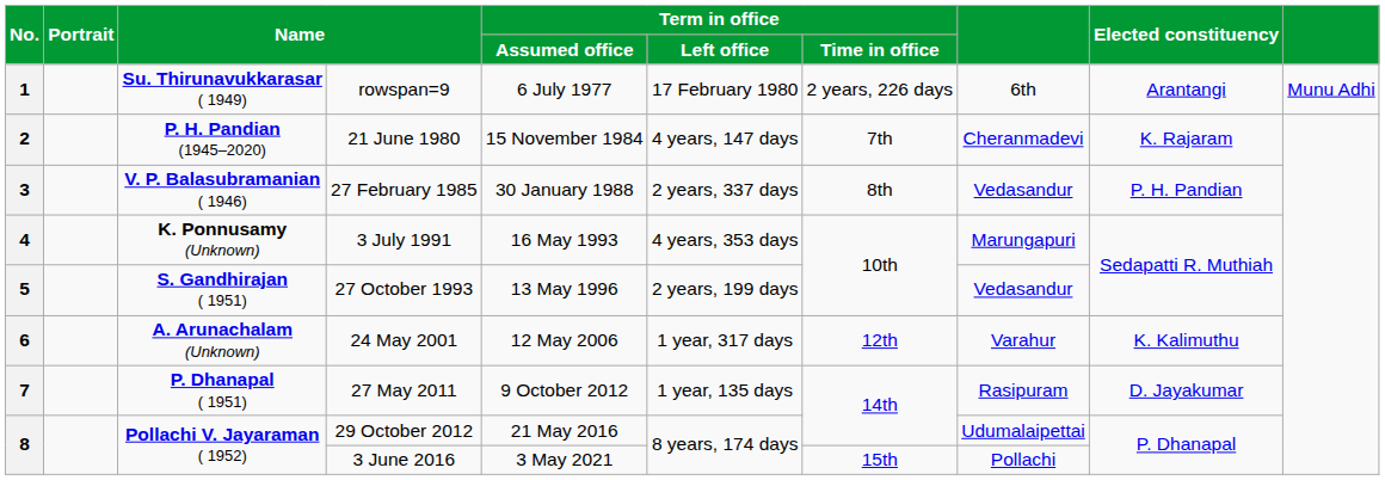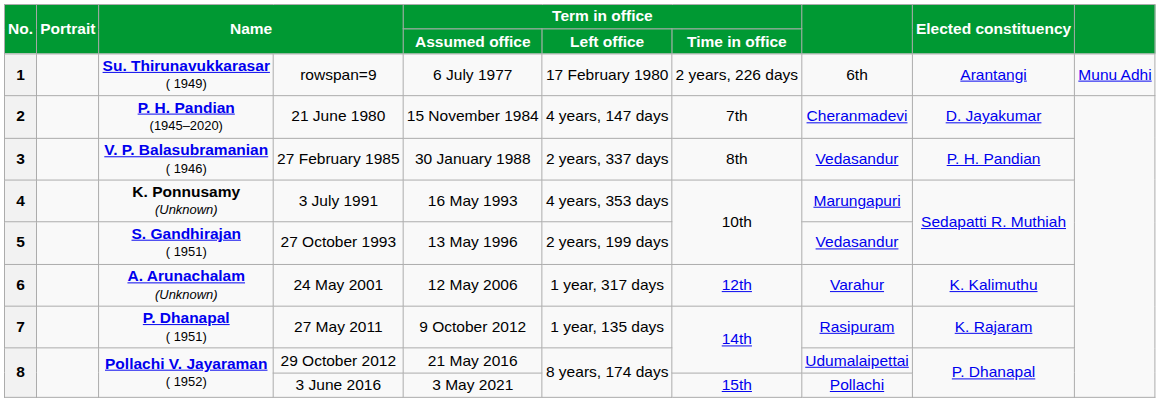 <table class="wikitable sortable" style="text-align:center;">
 <tr>
 <th rowspan=2 style="background-color:#009933;color:white">No.</th>
 <th rowspan=2 style="background-color:#009933;color:white">Portrait</th>
 <th colspan=2 rowspan=2 style="background-color:#009933;color:white">Name<br></th>
 <th colspan=3 style="background-color:#009933;color:white">Term in office</th>
 <th rowspan=2 style="background-color:#009933;color:white"><a href='#'></a><br></th>
 <th rowspan=2 style="background-color:#009933;color:white">Elected constituency</th>
 <th rowspan=2 style="background-color:#009933;color:white"><a href='#'></a></th>
 </tr>
 <tr>
 <th style="background-color:#009933;color:white">Assumed office</th>
 <th style="background-color:#009933;color:white">Left office</th>
 <th style="background-color:#009933;color:white">Time in office</th>
 </tr>
 <tr>
 <th>1</th>
 <td></td>
 <td><strong><a href='#'>Su. Thirunavukkarasar</a></strong><br><small>( 1949)</small></td>
 <td>rowspan=9 </td>
 <td>6 July 1977</td>
 <td>17 February 1980</td>
 <td>2 years, 226 days</td>
 <td>6th<br></td>
 <td><a href='#'>Arantangi</a></td>
 <td><a href='#'>Munu Adhi</a></td>
 </tr>
 <tr>
 <th>2</th>
 <td></td>
 <td><strong><a href='#'>P. H. Pandian</a></strong><br><small>(1945–2020)</small></td>
 <td>21 June 1980</td>
 <td>15 November 1984</td>
 <td>4 years, 147 days</td>
 <td>7th<br></td>
 <td><a href='#'>Cheranmadevi</a></td>
-<td><a href='#'>K. Rajaram</a></td>
+<td><a href='#'>D. Jayakumar</a></td>
 </tr>
 <tr>
 <th>3</th>
 <td></td>
 <td><strong><a href='#'>V. P. Balasubramanian</a></strong><br><small>( 1946)</small></td>
 <td>27 February 1985</td>
 <td>30 January 1988</td>
 <td>2 years, 337 days</td>
 <td>8th<br></td>
 <td><a href='#'>Vedasandur</a></td>
 <td><a href='#'>P. H. Pandian</a></td>
 </tr>
 <tr>
 <th>4</th>
 <td></td>
 <td><strong>K. Ponnusamy</strong><br><small><em>(Unknown)</em></small></td>
 <td>3 July 1991</td>
 <td>16 May 1993</td>
 <td>4 years, 353 days</td>
 <td rowspan=2>10th<br></td>
 <td><a href='#'>Marungapuri</a></td>
 <td rowspan=2><a href='#'>Sedapatti R. Muthiah</a></td>
 </tr>
 <tr>
 <th>5</th>
 <td></td>
 <td><strong><a href='#'>S. Gandhirajan</a></strong><br><small>( 1951)</small></td>
 <td>27 October 1993</td>
 <td>13 May 1996</td>
 <td>2 years, 199 days</td>
 <td><a href='#'>Vedasandur</a></td>
 </tr>
 <tr>
 <th>6</th>
 <td></td>
 <td><strong><a href='#'>A. Arunachalam</a></strong><br><small><em>(Unknown)</em></small></td>
 <td>24 May 2001</td>
 <td>12 May 2006</td>
 <td>1 year, 317 days</td>
 <td><a href='#'>12th</a><br></td>
 <td><a href='#'>Varahur</a></td>
 <td><a href='#'>K. Kalimuthu</a></td>
 </tr>
 <tr>
 <th>7</th>
 <td></td>
 <td><strong><a href='#'>P. Dhanapal</a></strong><br><small>( 1951)</small></td>
 <td>27 May 2011</td>
 <td>9 October 2012</td>
 <td>1 year, 135 days</td>
 <td rowspan=2><a href='#'>14th</a><br></td>
 <td><a href='#'>Rasipuram</a></td>
-<td><a href='#'>D. Jayakumar</a></td>
+<td><a href='#'>K. Rajaram</a></td>
 </tr>
 <tr>
 <th rowspan=2>8</th>
 <td rowspan=2></td>
 <td rowspan=2><strong><a href='#'>Pollachi V. Jayaraman</a></strong><br><small>( 1952)</small></td>
 <td>29 October 2012</td>
 <td>21 May 2016</td>
 <td rowspan=2>8 years, 174 days</td>
 <td><a href='#'>Udumalaipettai</a></td>
 <td rowspan=2><a href='#'>P. Dhanapal</a></td>
 </tr>
 <tr>
 <td>3 June 2016</td>
 <td>3 May 2021</td>
 <td><a href='#'>15th</a><br></td>
 <td><a href='#'>Pollachi</a></td>
 </tr>
 </table>
